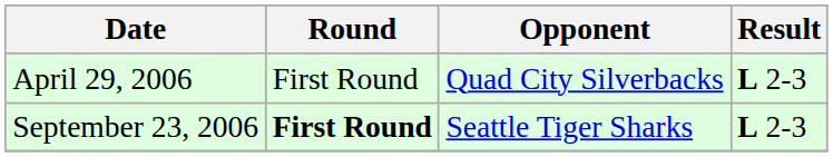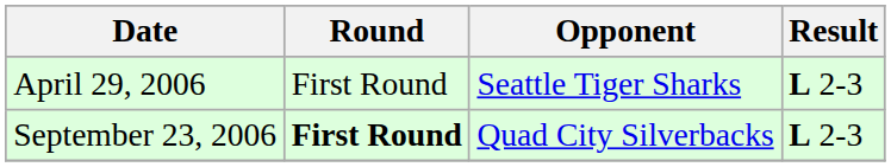 <table class="wikitable">
 <tr>
 <th>Date</th>
 <th>Round</th>
 <th>Opponent</th>
 <th>Result</th>
 </tr>
 <tr style="background: #ddffdd;">
 <td>April 29, 2006</td>
 <td>First Round</td>
-<td><a href='#'>Quad City Silverbacks</a></td>
+<td><a href='#'>Seattle Tiger Sharks</a></td>
 <td><strong>L</strong> 2-3</td>
 </tr>
 <tr style="background: #ddffdd;">
 <td>September 23, 2006</td>
 <td><strong>First Round</strong></td>
-<td><a href='#'>Seattle Tiger Sharks</a></td>
+<td><a href='#'>Quad City Silverbacks</a></td>
 <td><strong>L</strong> 2-3</td>
 </tr>
 <tr style="background: #ddffdd;">
 </tr>
 </table>
